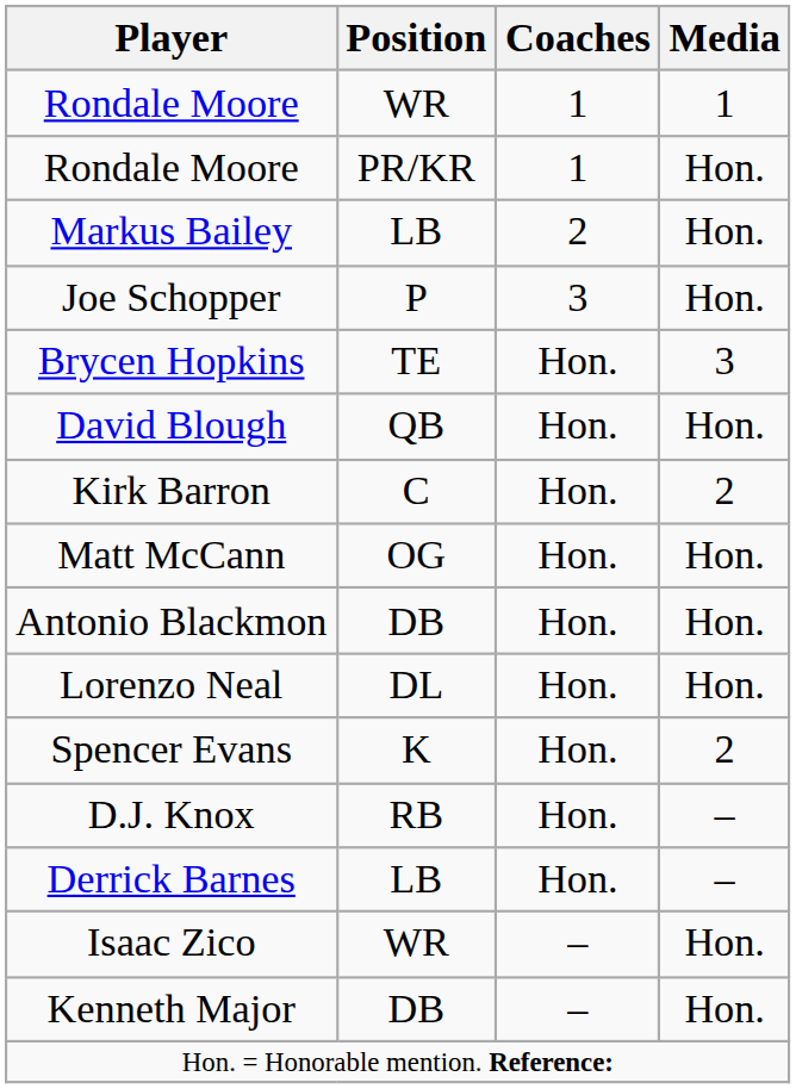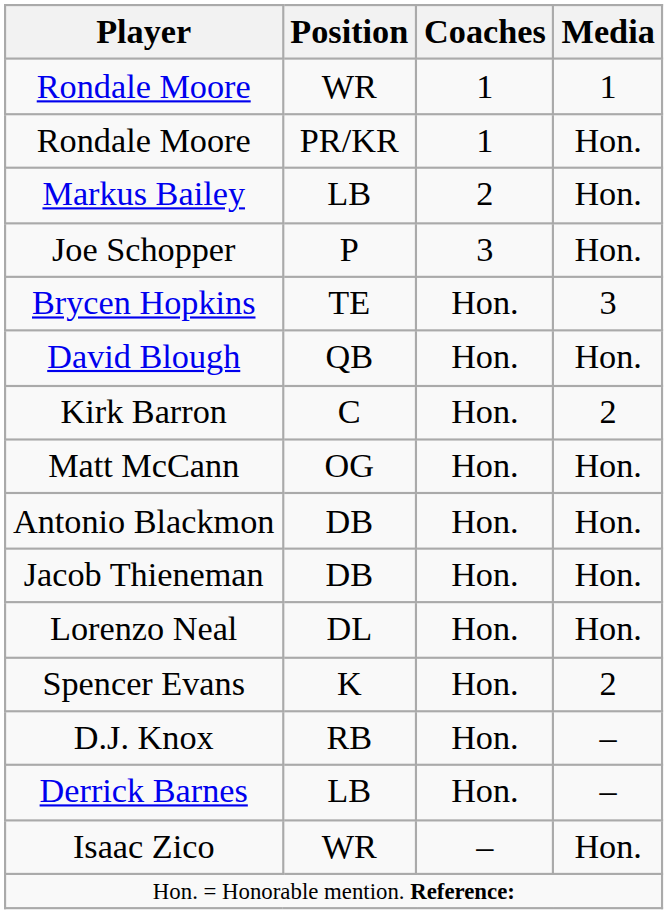 <table class="wikitable sortable sortable" style="text-align: center">
 <tr align=center>
 <th>Player</th>
 <th>Position</th>
 <th>Coaches</th>
 <th>Media</th>
 </tr>
 <tr>
 <td><a href='#'>Rondale Moore</a></td>
 <td>WR</td>
 <td>1</td>
 <td>1</td>
 </tr>
 <tr>
 <td>Rondale Moore</td>
 <td>PR/KR</td>
 <td>1</td>
 <td data-sort-value="4">Hon.</td>
 </tr>
 <tr>
 <td><a href='#'>Markus Bailey</a></td>
 <td>LB</td>
 <td>2</td>
 <td data-sort-value="4">Hon.</td>
 </tr>
 <tr>
 <td>Joe Schopper</td>
 <td>P</td>
 <td>3</td>
 <td data-sort-value="4">Hon.</td>
 </tr>
 <tr>
 <td><a href='#'>Brycen Hopkins</a></td>
 <td>TE</td>
 <td data-sort-value="4">Hon.</td>
 <td>3</td>
 </tr>
 <tr>
 <td><a href='#'>David Blough</a></td>
 <td>QB</td>
 <td data-sort-value="4">Hon.</td>
 <td data-sort-value="4">Hon.</td>
 </tr>
 <tr>
 <td>Kirk Barron</td>
 <td>C</td>
 <td data-sort-value="4">Hon.</td>
 <td>2</td>
 </tr>
 <tr>
 <td>Matt McCann</td>
 <td>OG</td>
 <td data-sort-value="4">Hon.</td>
 <td data-sort-value="4">Hon.</td>
 </tr>
 <tr>
 <td>Antonio Blackmon</td>
 <td>DB</td>
 <td data-sort-value="4">Hon.</td>
 <td data-sort-value="4">Hon.</td>
 </tr>
 <tr>
+<td>Jacob Thieneman</td>
+<td>DB</td>
+<td data-sort-value="4">Hon.</td>
+<td data-sort-value="4">Hon.</td>
+</tr>
+<tr>
 <td>Lorenzo Neal</td>
 <td>DL</td>
 <td data-sort-value="4">Hon.</td>
 <td data-sort-value="4">Hon.</td>
 </tr>
 <tr>
 <td>Spencer Evans</td>
 <td>K</td>
 <td data-sort-value="4">Hon.</td>
 <td>2</td>
 </tr>
 <tr>
 <td>D.J. Knox</td>
 <td>RB</td>
 <td data-sort-value="4">Hon.</td>
 <td data-sort-value="5">–</td>
 </tr>
 <tr>
 <td><a href='#'>Derrick Barnes</a></td>
 <td>LB</td>
 <td data-sort-value="4">Hon.</td>
 <td data-sort-value="5">–</td>
 </tr>
 <tr>
 <td>Isaac Zico</td>
 <td>WR</td>
 <td data-sort-value="5">–</td>
 <td data-sort-value="4">Hon.</td>
 </tr>
-<tr>
-<td>Kenneth Major</td>
-<td>DB</td>
-<td data-sort-value="5">–</td>
-<td data-sort-value="4">Hon.</td>
-</tr>
 <tr class="sortbottom">
 <td colspan="4"  style="font-size:8pt; text-align:center;">Hon. = Honorable mention. <strong>Reference:</strong></td>
 </tr>
 </table>
